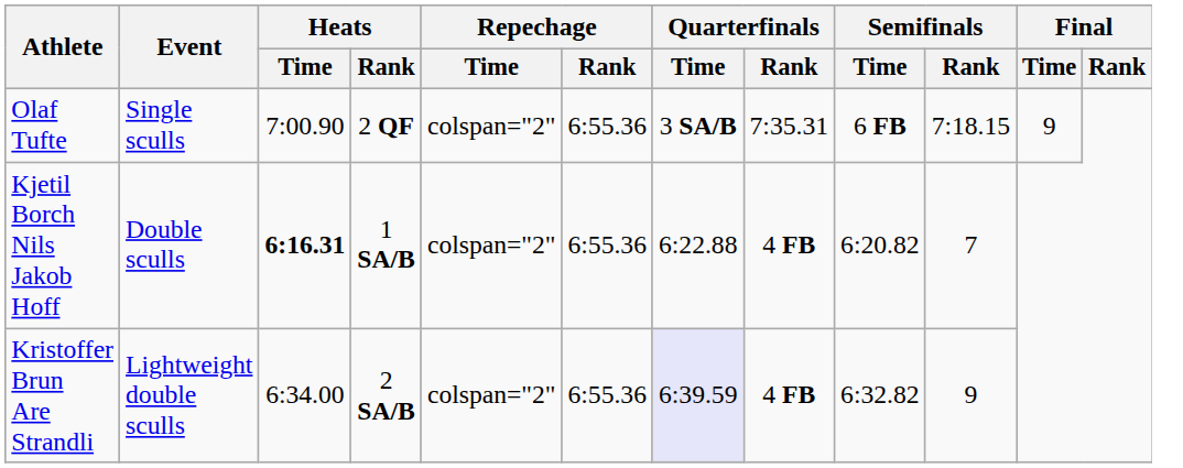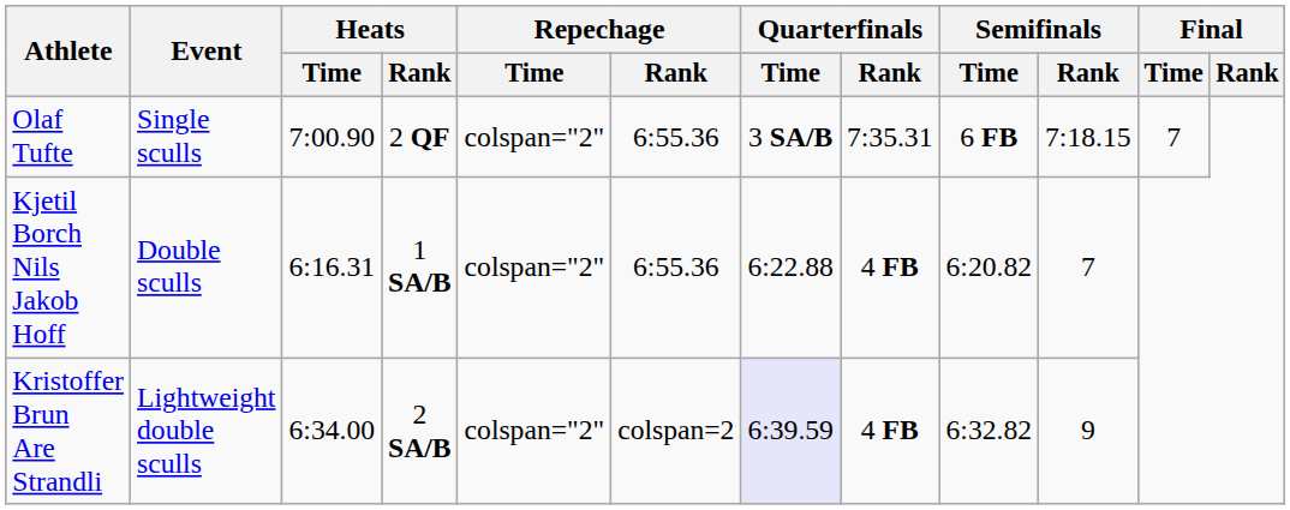 <table class="wikitable" style="font-size:90%">
 <tr>
 <th rowspan="2">Athlete</th>
 <th rowspan="2">Event</th>
 <th colspan="2">Heats</th>
 <th colspan="2">Repechage</th>
 <th colspan=2>Quarterfinals</th>
 <th colspan="2">Semifinals</th>
 <th colspan="2">Final</th>
 </tr>
 <tr style="font-size:95%">
 <th>Time</th>
 <th>Rank</th>
 <th>Time</th>
 <th>Rank</th>
 <th>Time</th>
 <th>Rank</th>
 <th>Time</th>
 <th>Rank</th>
 <th>Time</th>
 <th>Rank</th>
 </tr>
 <tr align=center>
 <td align=left><a href='#'>Olaf Tufte</a></td>
 <td align=left><a href='#'>Single sculls</a></td>
 <td>7:00.90</td>
 <td>2 <strong>QF</strong></td>
 <td>colspan="2" </td>
 <td>6:55.36</td>
 <td>3 <strong>SA/B</strong></td>
 <td>7:35.31</td>
 <td>6 <strong>FB</strong></td>
 <td>7:18.15</td>
-<td>9</td>
+<td>7</td>
 </tr>
 <tr align=center>
 <td align=left><a href='#'>Kjetil Borch</a><br><a href='#'>Nils Jakob Hoff</a></td>
 <td align=left><a href='#'>Double sculls</a></td>
-<td><strong>6:16.31</strong></td>
+<td>6:16.31</td>
 <td>1 <strong>SA/B</strong></td>
 <td>colspan="2" </td>
 <td>6:55.36</td>
 <td>6:22.88</td>
 <td>4 <strong>FB</strong></td>
 <td>6:20.82</td>
 <td>7</td>
 </tr>
 <tr align=center>
 <td align=left><a href='#'>Kristoffer Brun</a><br><a href='#'>Are Strandli</a></td>
 <td align=left><a href='#'>Lightweight double sculls</a></td>
 <td>6:34.00</td>
 <td>2 <strong>SA/B</strong></td>
 <td>colspan="2" </td>
-<td>6:55.36</td>
+<td>colspan=2 </td>
 <td style="background: lavender;">6:39.59</td>
 <td>4 <strong>FB</strong></td>
 <td>6:32.82</td>
 <td>9</td>
 </tr>
 </table>
